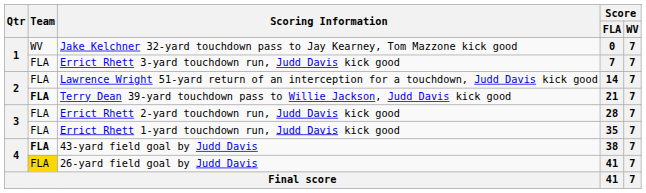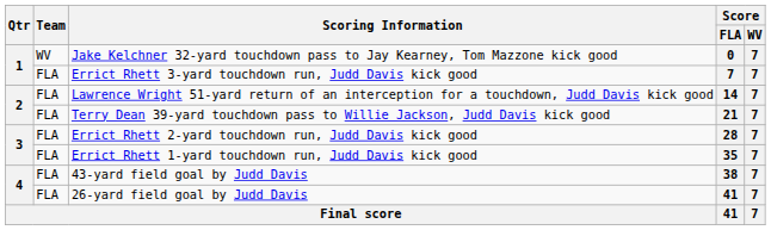 <table class="wikitable">
 <tr>
 <th rowspan=2>Qtr</th>
 <th rowspan=2>Team</th>
 <th rowspan=2>Scoring Information</th>
 <th colspan=2>Score</th>
 </tr>
 <tr>
 <th>FLA</th>
 <th>WV</th>
 </tr>
 <tr>
 <th rowspan=2>1</th>
 <td>WV</td>
 <td><a href='#'>Jake Kelchner</a> 32-yard touchdown pass to Jay Kearney, Tom Mazzone kick good</td>
 <th>0</th>
 <th>7</th>
 </tr>
 <tr>
 <td>FLA</td>
 <td><a href='#'>Errict Rhett</a> 3-yard touchdown run, <a href='#'>Judd Davis</a> kick good</td>
 <th>7</th>
 <th>7</th>
 </tr>
 <tr>
 <th rowspan=2>2</th>
 <td>FLA</td>
 <td><a href='#'>Lawrence Wright</a> 51-yard return of an interception for a touchdown, <a href='#'>Judd Davis</a> kick good</td>
 <th>14</th>
 <th>7</th>
 </tr>
 <tr>
-<td><strong>FLA</strong></td>
+<td>FLA</td>
 <td><a href='#'>Terry Dean</a> 39-yard touchdown pass to <a href='#'>Willie Jackson</a>, <a href='#'>Judd Davis</a> kick good</td>
 <th>21</th>
 <th>7</th>
 </tr>
 <tr>
 <th rowspan=2>3</th>
 <td>FLA</td>
 <td><a href='#'>Errict Rhett</a> 2-yard touchdown run, <a href='#'>Judd Davis</a> kick good</td>
 <th>28</th>
 <th>7</th>
 </tr>
 <tr>
 <td>FLA</td>
 <td><a href='#'>Errict Rhett</a> 1-yard touchdown run, <a href='#'>Judd Davis</a> kick good</td>
 <th>35</th>
 <th>7</th>
 </tr>
 <tr>
 <th rowspan=2>4</th>
-<td><strong>FLA</strong></td>
+<td>FLA</td>
 <td>43-yard field goal by <a href='#'>Judd Davis</a></td>
 <th>38</th>
 <th>7</th>
 </tr>
 <tr>
-<td style="background: gold;">FLA</td>
+<td>FLA</td>
 <td>26-yard field goal by <a href='#'>Judd Davis</a></td>
 <th>41</th>
 <th>7</th>
 </tr>
 <tr>
 <th colspan=3>Final score</th>
 <th>41</th>
 <th>7</th>
 </tr>
 </table>
